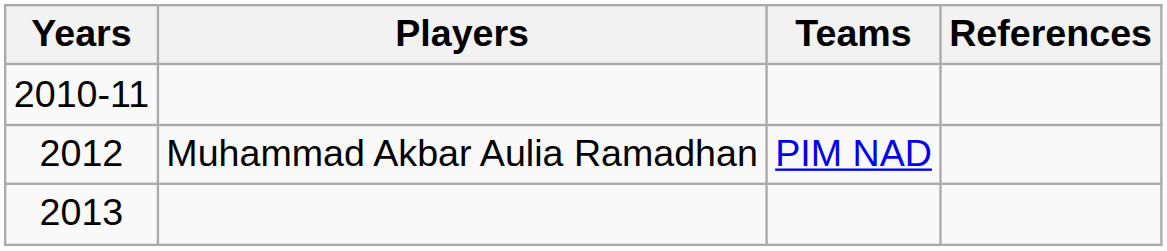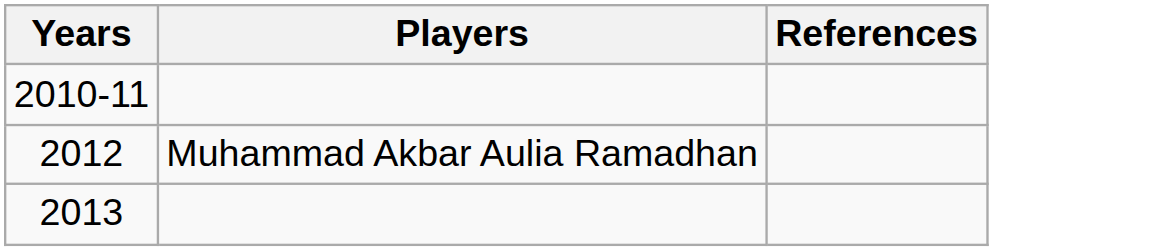 <table class="wikitable sortable" style="text-align:left;">
 <tr>
 <th>Years</th>
 <th>Players</th>
-<th>Teams</th>
 <th>References</th>
 </tr>
 <tr>
 <td align=center>2010-11</td>
 <td></td>
 <td></td>
-<td></td>
 </tr>
 <tr>
 <td align=center>2012</td>
 <td>Muhammad Akbar Aulia Ramadhan</td>
-<td><a href='#'>PIM NAD</a></td>
 <td></td>
 </tr>
 <tr>
 <td align=center>2013</td>
 <td></td>
 <td></td>
-<td></td>
 </tr>
 </table>
